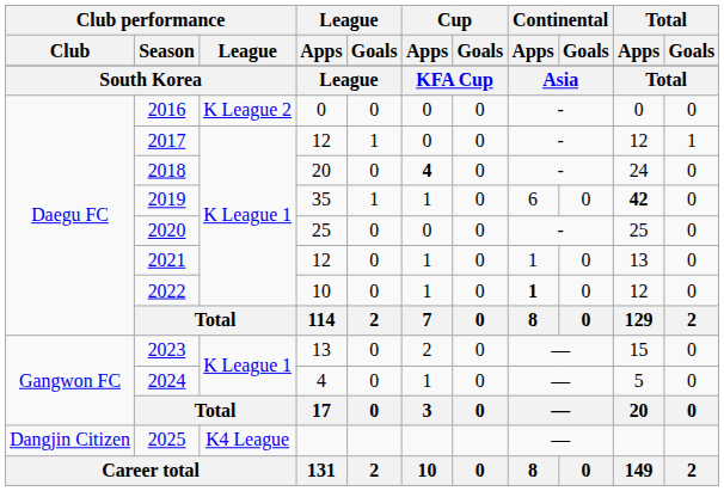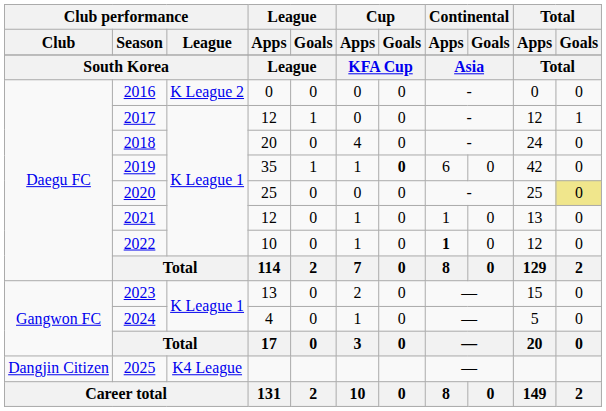 <table class="wikitable" style="text-align:center">
 <tr>
 <th colspan=3>Club performance</th>
 <th colspan=2>League</th>
 <th colspan=2>Cup</th>
 <th colspan=2>Continental</th>
 <th colspan=2>Total</th>
 </tr>
 <tr>
 <th>Club</th>
 <th>Season</th>
 <th>League</th>
 <th>Apps</th>
 <th>Goals</th>
 <th>Apps</th>
 <th>Goals</th>
 <th>Apps</th>
 <th>Goals</th>
 <th>Apps</th>
 <th>Goals</th>
 </tr>
 <tr>
 </tr>
 <tr>
 <th colspan=3>South Korea</th>
 <th colspan=2>League</th>
 <th colspan=2><a href='#'>KFA Cup</a></th>
 <th colspan=2><a href='#'>Asia</a></th>
 <th colspan=2>Total</th>
 </tr>
 <tr>
 <td rowspan="8"><a href='#'>Daegu FC</a></td>
 <td><a href='#'>2016</a></td>
 <td rowspan="1"><a href='#'>K League 2</a></td>
 <td>0</td>
 <td>0</td>
 <td>0</td>
 <td>0</td>
 <td colspan="2">-</td>
 <td>0</td>
 <td>0</td>
 </tr>
 <tr>
 <td><a href='#'>2017</a></td>
 <td rowspan="6"><a href='#'>K League 1</a></td>
 <td>12</td>
 <td>1</td>
 <td>0</td>
 <td>0</td>
 <td colspan="2">-</td>
 <td>12</td>
 <td>1</td>
 </tr>
 <tr>
 <td><a href='#'>2018</a></td>
 <td>20</td>
 <td>0</td>
-<td><strong>4</strong></td>
+<td>4</td>
 <td>0</td>
 <td colspan="2">-</td>
 <td>24</td>
 <td>0</td>
 </tr>
 <tr>
 <td><a href='#'>2019</a></td>
 <td>35</td>
 <td>1</td>
 <td>1</td>
-<td>0</td>
+<td><strong>0</strong></td>
 <td>6</td>
 <td>0</td>
-<td><strong>42</strong></td>
+<td>42</td>
 <td>0</td>
 </tr>
 <tr>
 <td><a href='#'>2020</a></td>
 <td>25</td>
 <td>0</td>
 <td>0</td>
 <td>0</td>
 <td colspan="2">-</td>
 <td>25</td>
-<td>0</td>
+<td style="background: khaki;">0</td>
 </tr>
 <tr>
 <td><a href='#'>2021</a></td>
 <td>12</td>
 <td>0</td>
 <td>1</td>
 <td>0</td>
 <td>1</td>
 <td>0</td>
 <td>13</td>
 <td>0</td>
 </tr>
 <tr>
 <td><a href='#'>2022</a></td>
 <td>10</td>
 <td>0</td>
 <td>1</td>
 <td>0</td>
 <td><strong>1</strong></td>
 <td>0</td>
 <td>12</td>
 <td>0</td>
 </tr>
 <tr>
 <th colspan="2">Total</th>
 <th>114</th>
 <th>2</th>
 <th>7</th>
 <th>0</th>
 <th>8</th>
 <th>0</th>
 <th>129</th>
 <th>2</th>
 </tr>
 <tr>
 <td rowspan="3"><a href='#'>Gangwon FC</a></td>
 <td><a href='#'>2023</a></td>
 <td rowspan="2"><a href='#'>K League 1</a></td>
 <td>13</td>
 <td>0</td>
 <td>2</td>
 <td>0</td>
 <td colspan=2>—</td>
 <td>15</td>
 <td>0</td>
 </tr>
 <tr>
 <td><a href='#'>2024</a></td>
 <td>4</td>
 <td>0</td>
 <td>1</td>
 <td>0</td>
 <td colspan=2>—</td>
 <td>5</td>
 <td>0</td>
 </tr>
 <tr>
 <th colspan="2">Total</th>
 <th>17</th>
 <th>0</th>
 <th>3</th>
 <th>0</th>
 <th colspan="2">—</th>
 <th>20</th>
 <th>0</th>
 </tr>
 <tr>
 <td rowspan="1"><a href='#'>Dangjin Citizen</a></td>
 <td><a href='#'>2025</a></td>
 <td rowspan="1"><a href='#'>K4 League</a></td>
 <td></td>
 <td></td>
 <td></td>
 <td></td>
 <td colspan=2>—</td>
 <td></td>
 <td></td>
 </tr>
 <tr>
 <th colspan=3>Career total</th>
 <th>131</th>
 <th>2</th>
 <th>10</th>
 <th>0</th>
 <th>8</th>
 <th>0</th>
 <th>149</th>
 <th>2</th>
 </tr>
 </table>
